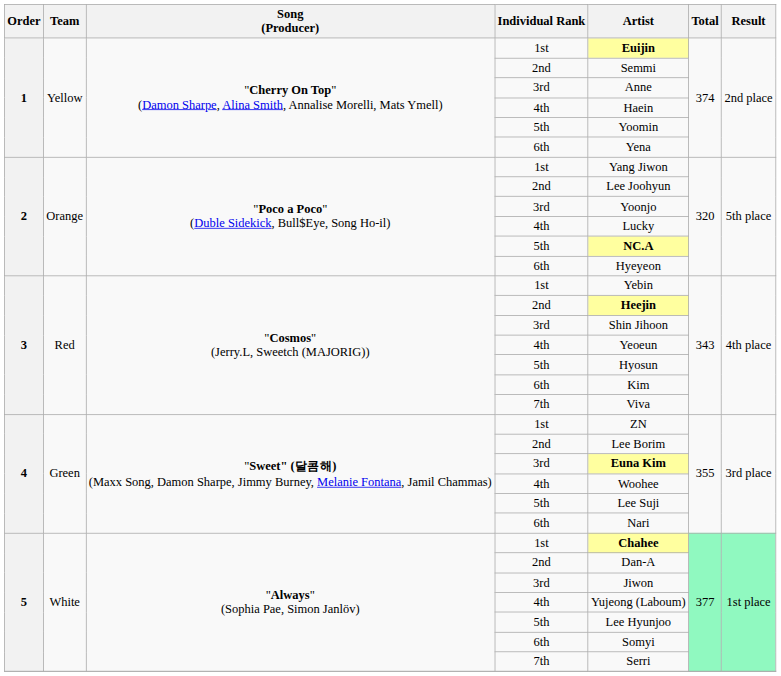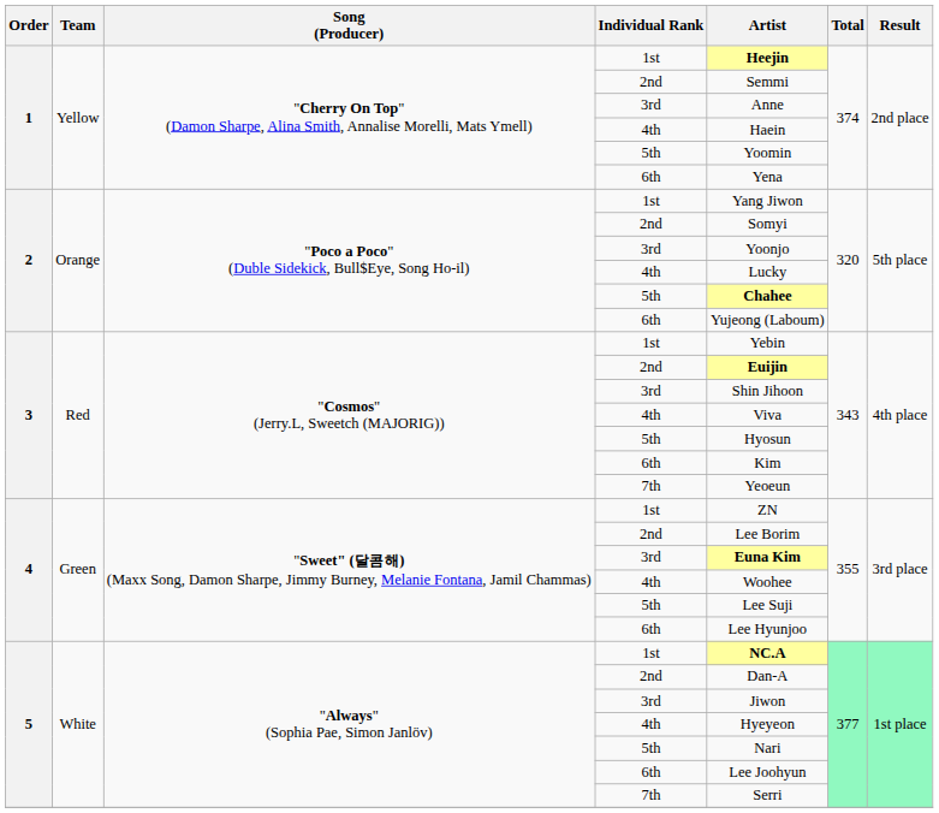 <table class="wikitable sortable" style="text-align:center;">
 <tr>
 <th>Order</th>
 <th>Team</th>
 <th>Song<br>(Producer)</th>
 <th>Individual Rank</th>
 <th>Artist</th>
 <th>Total</th>
 <th>Result</th>
 </tr>
 <tr>
 <th rowspan="6">1</th>
 <td rowspan="6">Yellow</td>
 <td rowspan="6">"<strong>Cherry On Top</strong>"<br>(<a href='#'>Damon Sharpe</a>, <a href='#'>Alina Smith</a>, Annalise Morelli, Mats Ymell)</td>
 <td>1st</td>
-<td style=background:#FFFF9F;><strong>Euijin</strong></td>
+<td style=background:#FFFF9F;><strong>Heejin</strong></td>
 <td rowspan="6">374</td>
 <td rowspan="6">2nd place</td>
 </tr>
 <tr>
 <td>2nd</td>
 <td>Semmi</td>
 </tr>
 <tr>
 <td>3rd</td>
 <td>Anne</td>
 </tr>
 <tr>
 <td>4th</td>
 <td>Haein</td>
 </tr>
 <tr>
 <td>5th</td>
 <td>Yoomin</td>
 </tr>
 <tr>
 <td>6th</td>
 <td>Yena</td>
 </tr>
 <tr>
 <th rowspan="6">2</th>
 <td rowspan="6">Orange</td>
 <td rowspan="6">"<strong>Poco a Poco</strong>"<br>(<a href='#'>Duble Sidekick</a>, Bull$Eye, Song Ho-il)</td>
 <td>1st</td>
 <td>Yang Jiwon</td>
 <td rowspan="6">320</td>
 <td rowspan="6">5th place</td>
 </tr>
 <tr>
 <td>2nd</td>
-<td>Lee Joohyun</td>
+<td>Somyi</td>
 </tr>
 <tr>
 <td>3rd</td>
 <td>Yoonjo</td>
 </tr>
 <tr>
 <td>4th</td>
 <td>Lucky</td>
 </tr>
 <tr>
 <td>5th</td>
-<td style=background:#FFFF9F;><strong>NC.A</strong></td>
+<td style=background:#FFFF9F;><strong>Chahee</strong></td>
 </tr>
 <tr>
 <td>6th</td>
-<td>Hyeyeon</td>
+<td>Yujeong (Laboum)</td>
 </tr>
 <tr>
 <th rowspan="7">3</th>
 <td rowspan="7">Red</td>
 <td rowspan="7">"<strong>Cosmos</strong>"<br>(Jerry.L, Sweetch (MAJORIG))</td>
 <td>1st</td>
 <td>Yebin</td>
 <td rowspan="7">343</td>
 <td rowspan="7">4th place</td>
 </tr>
 <tr>
 <td>2nd</td>
-<td style=background:#FFFF9F;><strong>Heejin</strong></td>
+<td style=background:#FFFF9F;><strong>Euijin</strong></td>
 </tr>
 <tr>
 <td>3rd</td>
 <td>Shin Jihoon</td>
 </tr>
 <tr>
 <td>4th</td>
-<td>Yeoeun</td>
+<td>Viva</td>
 </tr>
 <tr>
 <td>5th</td>
 <td>Hyosun</td>
 </tr>
 <tr>
 <td>6th</td>
 <td>Kim</td>
 </tr>
 <tr>
 <td>7th</td>
-<td>Viva</td>
+<td>Yeoeun</td>
 </tr>
 <tr>
 <th rowspan="6">4</th>
 <td rowspan="6">Green</td>
 <td rowspan="6">"<strong>Sweet" (달콤해)</strong> <br>(Maxx Song, Damon Sharpe, Jimmy Burney, <a href='#'>Melanie Fontana</a>, Jamil Chammas)</td>
 <td>1st</td>
 <td>ZN</td>
 <td rowspan="6">355</td>
 <td rowspan="6">3rd place</td>
 </tr>
 <tr>
 <td>2nd</td>
 <td>Lee Borim</td>
 </tr>
 <tr>
 <td>3rd</td>
 <td style=background:#FFFF9F;><strong>Euna Kim</strong></td>
 </tr>
 <tr>
 <td>4th</td>
 <td>Woohee</td>
 </tr>
 <tr>
 <td>5th</td>
 <td>Lee Suji</td>
 </tr>
 <tr>
 <td>6th</td>
-<td>Nari</td>
+<td>Lee Hyunjoo</td>
 </tr>
 <tr>
 <th rowspan="7">5</th>
 <td rowspan="7">White</td>
 <td rowspan="7">"<strong>Always</strong>"<br>(Sophia Pae, Simon Janlöv)</td>
 <td>1st</td>
-<td style=background:#FFFF9F;><strong>Chahee</strong></td>
+<td style=background:#FFFF9F;><strong>NC.A</strong></td>
 <td rowspan="7" style="background:#90F9C0;">377</td>
 <td rowspan="7" style="background:#90F9C0;">1st place</td>
 </tr>
 <tr>
 <td>2nd</td>
 <td>Dan-A</td>
 </tr>
 <tr>
 <td>3rd</td>
 <td>Jiwon</td>
 </tr>
 <tr>
 <td>4th</td>
-<td>Yujeong (Laboum)</td>
+<td>Hyeyeon</td>
 </tr>
 <tr>
 <td>5th</td>
-<td>Lee Hyunjoo</td>
+<td>Nari</td>
 </tr>
 <tr>
 <td>6th</td>
-<td>Somyi</td>
+<td>Lee Joohyun</td>
 </tr>
 <tr>
 <td>7th</td>
 <td>Serri</td>
 </tr>
 <tr>
 </tr>
 </table>
